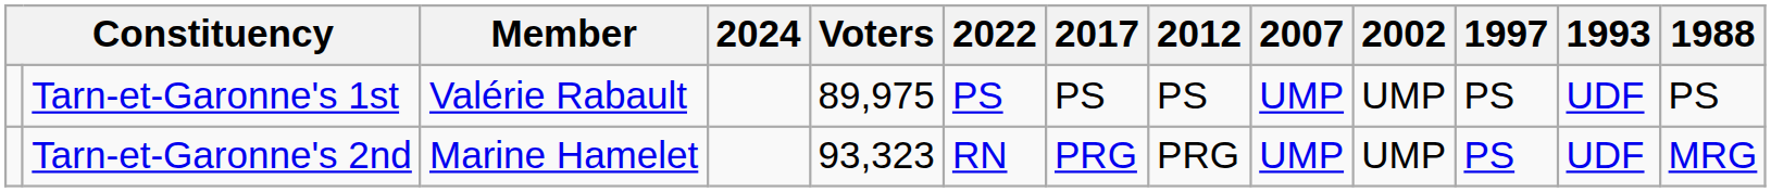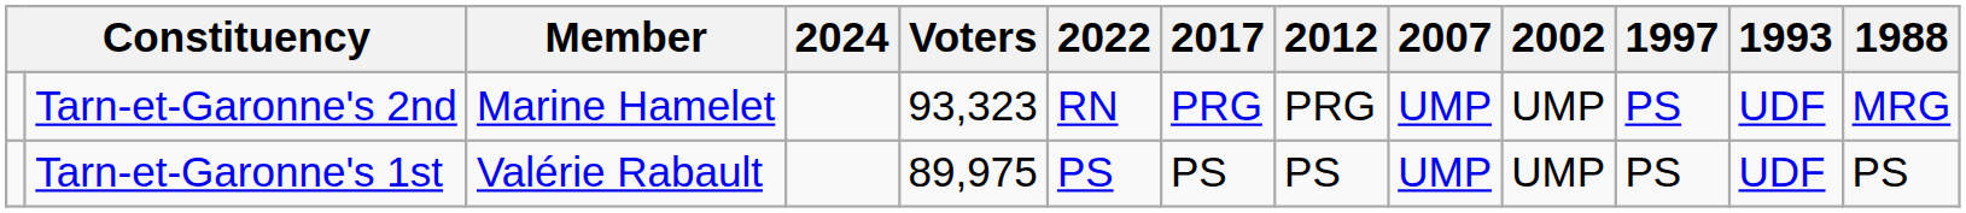 <table class="wikitable sortable">
 <tr>
 <th colspan="2">Constituency</th>
 <th>Member</th>
 <th>2024</th>
 <th>Voters</th>
 <th>2022</th>
 <th>2017</th>
 <th>2012</th>
 <th>2007</th>
 <th>2002</th>
 <th>1997</th>
 <th>1993</th>
 <th>1988</th>
 </tr>
 <tr>
 <td style="background-color: "></td>
+<td><a href='#'>Tarn-et-Garonne's 2nd</a></td>
+<td><a href='#'>Marine Hamelet</a></td>
+<td></td>
+<td>93,323</td>
+<td><a href='#'>RN</a></td>
+<td><a href='#'>PRG</a></td>
+<td>PRG</td>
+<td><a href='#'>UMP</a></td>
+<td>UMP</td>
+<td><a href='#'>PS</a></td>
+<td><a href='#'>UDF</a></td>
+<td><a href='#'>MRG</a></td>
+</tr>
+<tr>
+<td style="background-color: "></td>
 <td><a href='#'>Tarn-et-Garonne's 1st</a></td>
 <td><a href='#'>Valérie Rabault</a></td>
 <td></td>
 <td>89,975</td>
 <td><a href='#'>PS</a></td>
 <td>PS</td>
 <td>PS</td>
 <td><a href='#'>UMP</a></td>
 <td>UMP</td>
 <td>PS</td>
 <td><a href='#'>UDF</a></td>
 <td>PS</td>
 </tr>
-<tr>
-<td style="background-color: "></td>
-<td><a href='#'>Tarn-et-Garonne's 2nd</a></td>
-<td><a href='#'>Marine Hamelet</a></td>
-<td></td>
-<td>93,323</td>
-<td><a href='#'>RN</a></td>
-<td><a href='#'>PRG</a></td>
-<td>PRG</td>
-<td><a href='#'>UMP</a></td>
-<td>UMP</td>
-<td><a href='#'>PS</a></td>
-<td><a href='#'>UDF</a></td>
-<td><a href='#'>MRG</a></td>
-</tr>
 </table>
